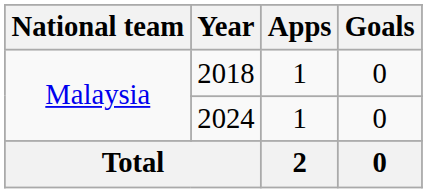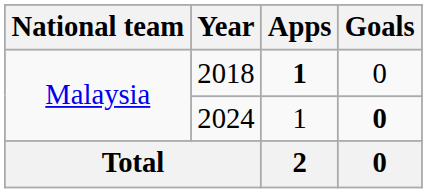 <table class=wikitable style="text-align: center;">
 <tr>
 <th>National team</th>
 <th>Year</th>
 <th>Apps</th>
 <th>Goals</th>
 </tr>
 <tr>
 <td rowspan="2"><a href='#'>Malaysia</a></td>
 <td>2018</td>
-<td>1</td>
+<td><strong>1</strong></td>
 <td>0</td>
 </tr>
 <tr>
 <td>2024</td>
 <td>1</td>
-<td>0</td>
+<td><strong>0</strong></td>
 </tr>
 <tr>
 <th colspan="2">Total</th>
 <th>2</th>
 <th>0</th>
 </tr>
 </table>
